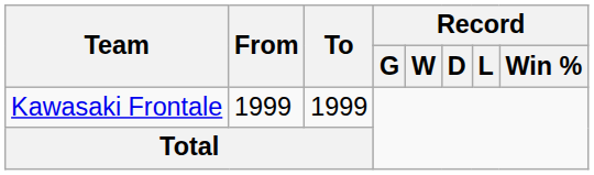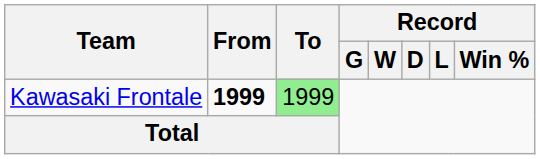 <table class="wikitable" style="text-align: center">
 <tr>
 <th rowspan="2">Team</th>
 <th rowspan="2">From</th>
 <th rowspan="2">To</th>
 <th colspan="5">Record</th>
 </tr>
 <tr>
 <th>G</th>
 <th>W</th>
 <th>D</th>
 <th>L</th>
 <th>Win %</th>
 </tr>
 <tr>
 <td align="left"><a href='#'>Kawasaki Frontale</a></td>
-<td align="left">1999</td>
-<td align="left">1999<br></td>
+<td align="left"><strong>1999</strong></td>
+<td align="left" style="background: lightgreen;">1999<br></td>
 </tr>
 <tr>
 <th colspan="3">Total<br></th>
 </tr>
 </table>
